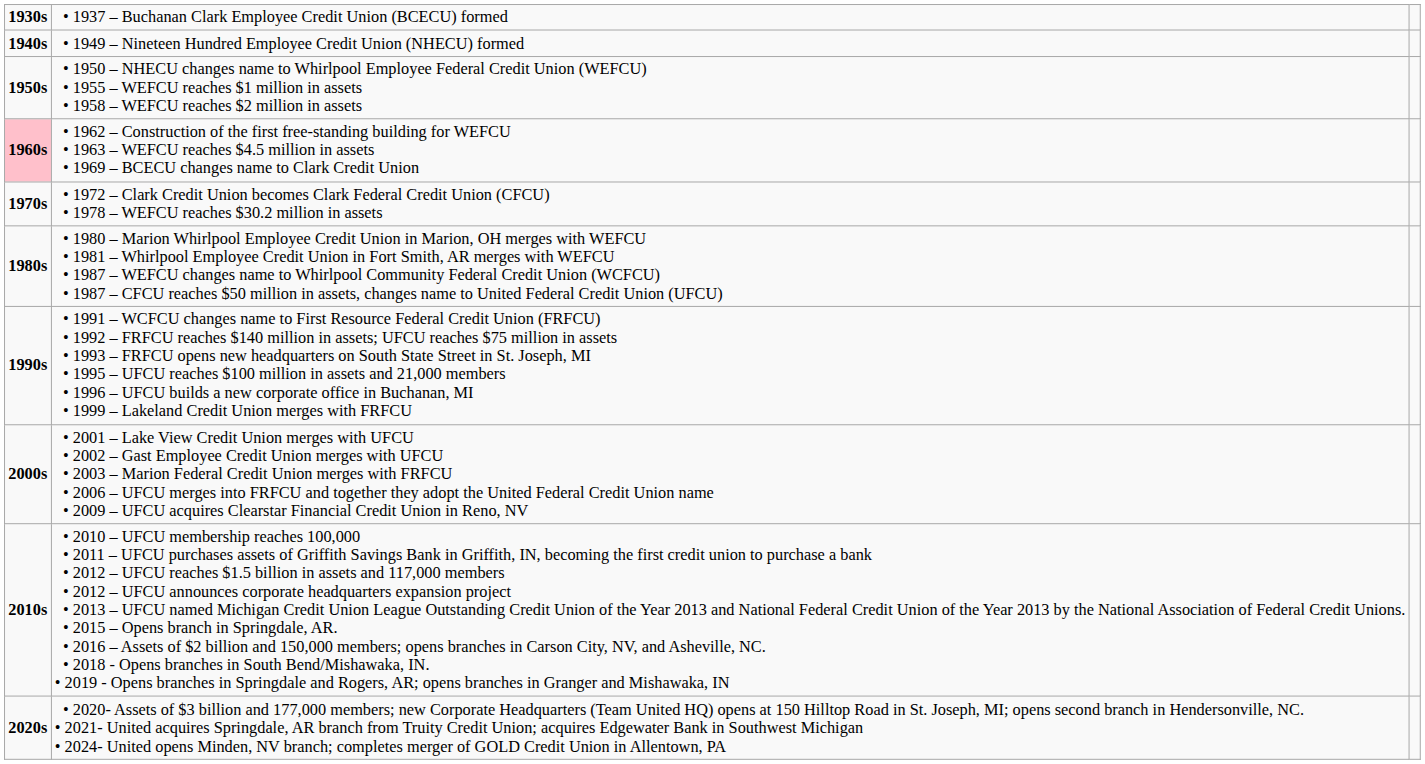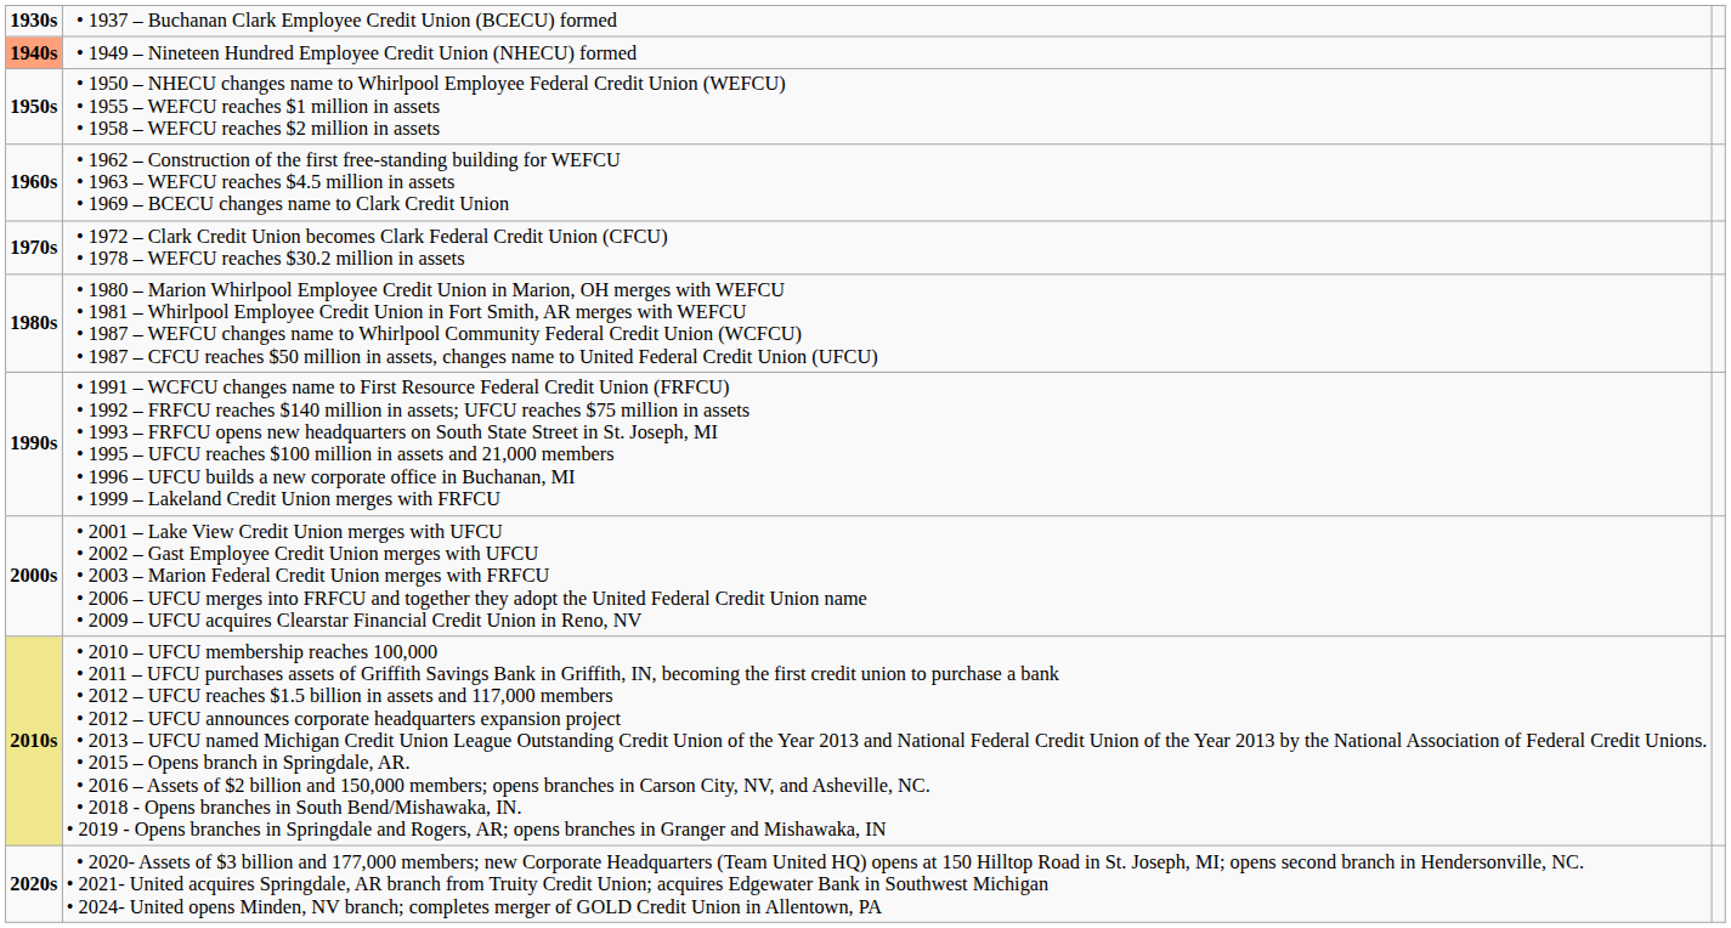 <table class="wikitable">
 <tr>
 <td><strong>1930s</strong></td>
 <td>  • 1937 – Buchanan Clark Employee Credit Union (BCECU) formed</td>
 <td> </td>
 </tr>
 <tr>
-<td><strong>1940s</strong></td>
+<td style="background: lightsalmon;"><strong>1940s</strong></td>
 <td>  • 1949 – Nineteen Hundred Employee Credit Union (NHECU) formed</td>
 <td></td>
 </tr>
 <tr>
 <td><strong>1950s</strong></td>
 <td>  • 1950 – NHECU changes name to Whirlpool Employee Federal Credit Union (WEFCU)<br>  • 1955 – WEFCU reaches $1 million in assets<br>  • 1958 – WEFCU reaches $2 million in assets</td>
 <td> </td>
 </tr>
 <tr>
-<td style="background: pink;"><strong>1960s</strong></td>
+<td><strong>1960s</strong></td>
 <td>  • 1962 – Construction of the first free-standing building for WEFCU<br>  • 1963 – WEFCU reaches $4.5 million in assets<br>  • 1969 – BCECU changes name to Clark Credit Union</td>
 <td> </td>
 </tr>
 <tr>
 <td><strong>1970s</strong></td>
 <td>  • 1972 – Clark Credit Union becomes Clark Federal Credit Union (CFCU)<br>  • 1978 – WEFCU reaches $30.2 million in assets</td>
 <td> </td>
 </tr>
 <tr>
 <td><strong>1980s</strong></td>
 <td>  • 1980 – Marion Whirlpool Employee Credit Union in Marion, OH merges with WEFCU<br>  • 1981 – Whirlpool Employee Credit Union in Fort Smith, AR merges with WEFCU<br>  • 1987 – WEFCU changes name to Whirlpool Community Federal Credit Union (WCFCU)<br>  • 1987 – CFCU reaches $50 million in assets, changes name to United Federal Credit Union (UFCU)</td>
 <td></td>
 </tr>
 <tr>
 <td><strong>1990s</strong></td>
 <td>  • 1991 – WCFCU changes name to First Resource Federal Credit Union (FRFCU)<br>  • 1992 – FRFCU reaches $140 million in assets; UFCU reaches $75 million in assets<br>  • 1993 – FRFCU opens new headquarters on South State Street in St. Joseph, MI<br>  • 1995 – UFCU reaches $100 million in assets and 21,000 members<br>  • 1996 – UFCU builds a new corporate office in Buchanan, MI<br>  • 1999 – Lakeland Credit Union merges with FRFCU</td>
 <td></td>
 </tr>
 <tr>
 <td><strong>2000s</strong></td>
 <td>  • 2001 – Lake View Credit Union merges with UFCU<br>  • 2002 – Gast Employee Credit Union merges with UFCU<br>  • 2003 – Marion Federal Credit Union merges with FRFCU<br>  • 2006 – UFCU merges into FRFCU and together they adopt the United Federal Credit Union name<br>  • 2009 – UFCU acquires Clearstar Financial Credit Union in Reno, NV</td>
 <td></td>
 </tr>
 <tr>
-<td><strong>2010s</strong></td>
+<td style="background: khaki;"><strong>2010s</strong></td>
 <td>  • 2010 – UFCU membership reaches 100,000<br>  • 2011 – UFCU purchases assets of Griffith Savings Bank in Griffith, IN, becoming the first credit union to purchase a bank<br>  • 2012 – UFCU reaches $1.5 billion in assets and 117,000 members<br>  • 2012 – UFCU announces corporate headquarters expansion project<br>  • 2013 – UFCU named Michigan Credit Union League Outstanding Credit Union of the Year 2013 and National Federal Credit Union of the Year 2013 by the National Association of Federal Credit Unions.<br>  • 2015 – Opens branch in Springdale, AR.<br>  • 2016 – Assets of $2 billion and 150,000 members; opens branches in Carson City, NV, and Asheville, NC.<br>  • 2018 - Opens branches in South Bend/Mishawaka, IN.<br>• 2019 - Opens branches in Springdale and Rogers, AR; opens branches in Granger and Mishawaka, IN</td>
 <td> </td>
 </tr>
 <tr>
 <td><strong>2020s</strong></td>
 <td>  • 2020- Assets of $3 billion and 177,000 members; new Corporate Headquarters (Team United HQ) opens at 150 Hilltop Road in St. Joseph, MI; opens second branch in Hendersonville, NC.<br>• 2021- United acquires Springdale, AR branch from Truity Credit Union; acquires Edgewater Bank in Southwest Michigan<br>• 2024- United opens Minden, NV branch; completes merger of GOLD Credit Union in Allentown, PA</td>
 <td></td>
 </tr>
 </table>
